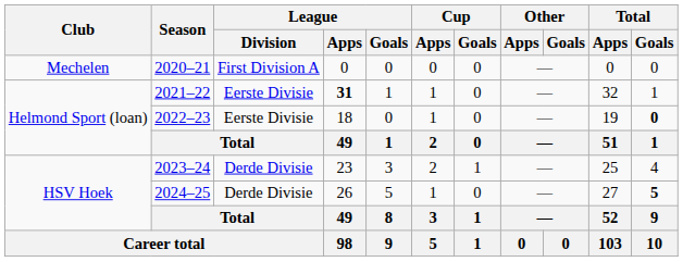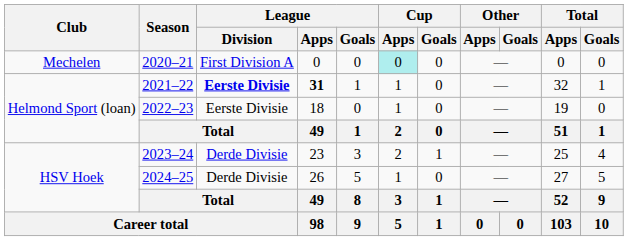 <table class="wikitable" style="text-align:center">
 <tr>
 <th rowspan="2">Club</th>
 <th rowspan="2">Season</th>
 <th colspan="3">League</th>
 <th colspan="2">Cup</th>
 <th colspan="2">Other</th>
 <th colspan="2">Total</th>
 </tr>
 <tr>
 <th>Division</th>
 <th>Apps</th>
 <th>Goals</th>
 <th>Apps</th>
 <th>Goals</th>
 <th>Apps</th>
 <th>Goals</th>
 <th>Apps</th>
 <th>Goals</th>
 </tr>
 <tr>
 <td><a href='#'>Mechelen</a></td>
 <td><a href='#'>2020–21</a></td>
 <td><a href='#'>First Division A</a></td>
 <td>0</td>
 <td>0</td>
-<td>0</td>
+<td style="background: paleturquoise;">0</td>
 <td>0</td>
 <td colspan="2">—</td>
 <td>0</td>
 <td>0</td>
 </tr>
 <tr>
 <td rowspan="3"><a href='#'>Helmond Sport</a> (loan)</td>
 <td><a href='#'>2021–22</a></td>
-<td><a href='#'>Eerste Divisie</a></td>
+<td><strong><a href='#'>Eerste Divisie</a></strong></td>
 <td><strong>31</strong></td>
 <td>1</td>
 <td>1</td>
 <td>0</td>
 <td colspan="2">—</td>
 <td>32</td>
 <td>1</td>
 </tr>
 <tr>
 <td><a href='#'>2022–23</a></td>
 <td>Eerste Divisie</td>
 <td>18</td>
 <td>0</td>
 <td>1</td>
 <td>0</td>
 <td colspan="2">—</td>
 <td>19</td>
-<td><strong>0</strong></td>
+<td>0</td>
 </tr>
 <tr>
 <th colspan="2">Total</th>
 <th>49</th>
 <th>1</th>
 <th>2</th>
 <th>0</th>
 <th colspan="2">—</th>
 <th>51</th>
 <th>1</th>
 </tr>
 <tr>
 <td rowspan="3"><a href='#'>HSV Hoek</a></td>
 <td><a href='#'>2023–24</a></td>
 <td><a href='#'>Derde Divisie</a></td>
 <td>23</td>
 <td>3</td>
 <td>2</td>
 <td>1</td>
 <td colspan="2">—</td>
 <td>25</td>
 <td>4</td>
 </tr>
 <tr>
 <td><a href='#'>2024–25</a></td>
 <td>Derde Divisie</td>
 <td>26</td>
 <td>5</td>
 <td>1</td>
 <td>0</td>
 <td colspan="2">—</td>
 <td>27</td>
-<td><strong>5</strong></td>
+<td>5</td>
 </tr>
 <tr>
 <th colspan="2">Total</th>
 <th>49</th>
 <th>8</th>
 <th>3</th>
 <th>1</th>
 <th colspan="2">—</th>
 <th>52</th>
 <th>9</th>
 </tr>
 <tr>
 <th colspan="3">Career total</th>
 <th>98</th>
 <th>9</th>
 <th>5</th>
 <th>1</th>
 <th>0</th>
 <th>0</th>
 <th>103</th>
 <th>10</th>
 </tr>
 </table>
